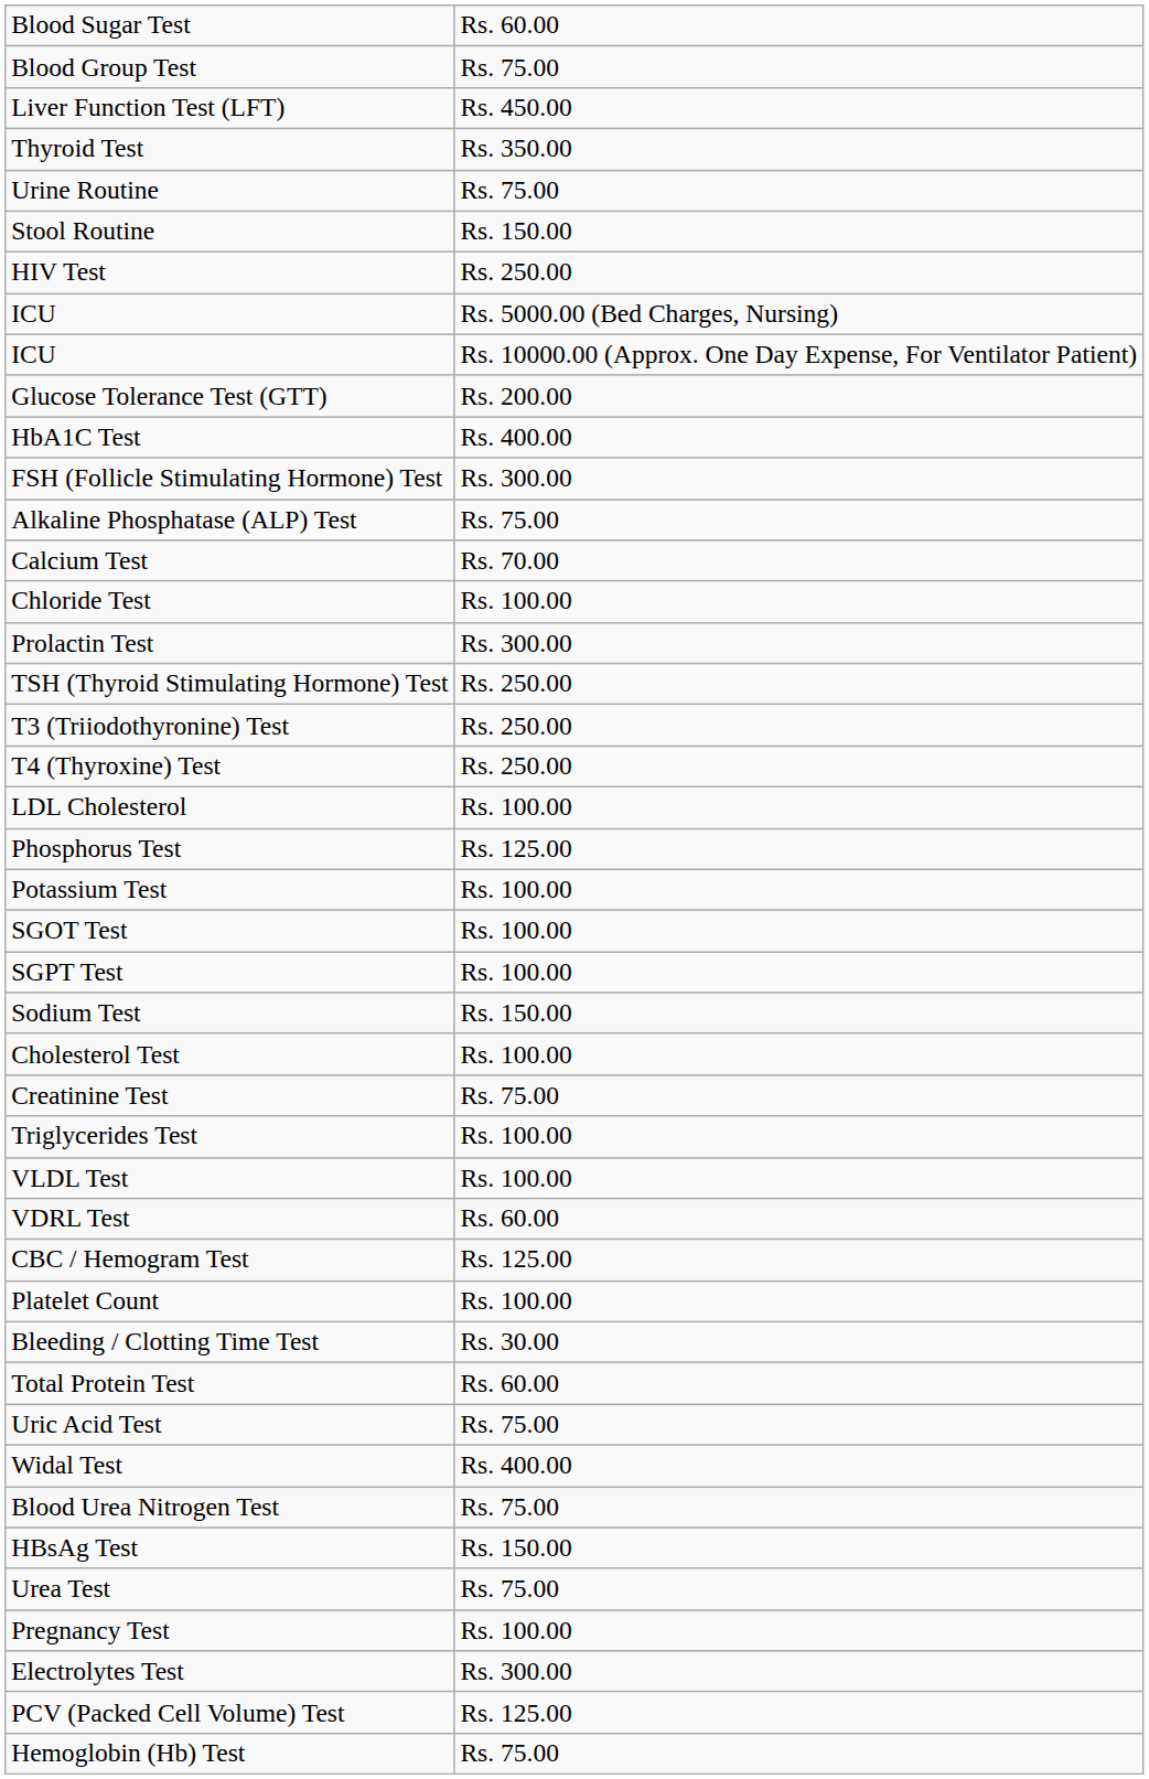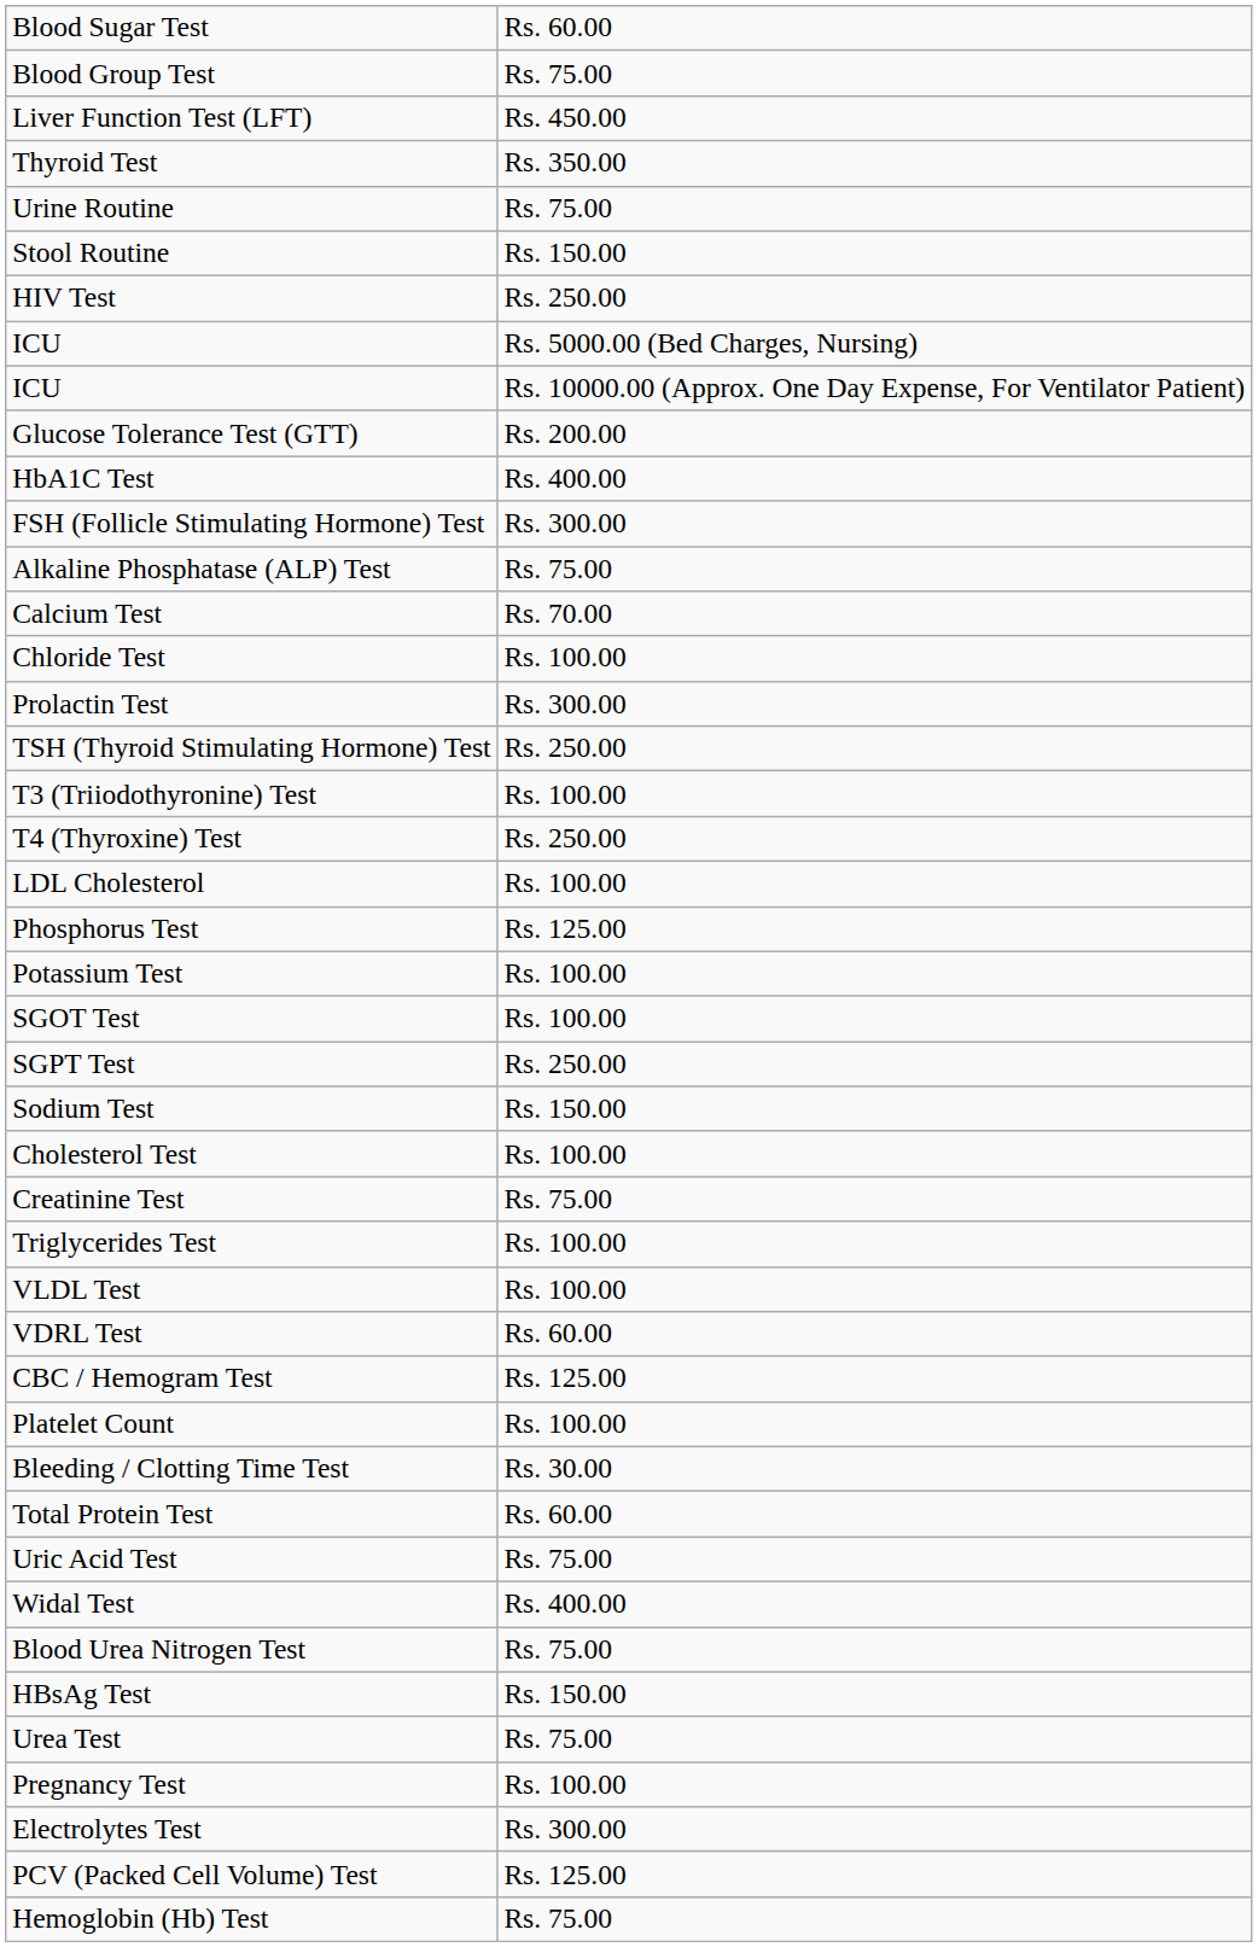 <table class="wikitable">
 <tr>
 <td>Blood Sugar Test</td>
 <td>Rs. 60.00</td>
 </tr>
 <tr>
 <td>Blood Group Test</td>
 <td>Rs. 75.00</td>
 </tr>
 <tr>
 <td>Liver Function Test (LFT)</td>
 <td>Rs. 450.00</td>
 </tr>
 <tr>
 <td>Thyroid Test</td>
 <td>Rs. 350.00</td>
 </tr>
 <tr>
 <td>Urine Routine</td>
 <td>Rs. 75.00</td>
 </tr>
 <tr>
 <td>Stool Routine</td>
 <td>Rs. 150.00</td>
 </tr>
 <tr>
 <td>HIV Test</td>
 <td>Rs. 250.00</td>
 </tr>
 <tr>
 <td>ICU</td>
 <td>Rs. 5000.00 (Bed Charges, Nursing)</td>
 </tr>
 <tr>
 <td>ICU</td>
 <td>Rs. 10000.00 (Approx. One Day Expense, For Ventilator Patient)</td>
 </tr>
 <tr>
 <td>Glucose Tolerance Test (GTT)</td>
 <td>Rs. 200.00</td>
 </tr>
 <tr>
 <td>HbA1C Test</td>
 <td>Rs. 400.00</td>
 </tr>
 <tr>
 <td>FSH (Follicle Stimulating Hormone) Test</td>
 <td>Rs. 300.00</td>
 </tr>
 <tr>
 <td>Alkaline Phosphatase (ALP) Test</td>
 <td>Rs. 75.00</td>
 </tr>
 <tr>
 <td>Calcium Test</td>
 <td>Rs. 70.00</td>
 </tr>
 <tr>
 <td>Chloride Test</td>
 <td>Rs. 100.00</td>
 </tr>
 <tr>
 <td>Prolactin Test</td>
 <td>Rs. 300.00</td>
 </tr>
 <tr>
 <td>TSH (Thyroid Stimulating Hormone) Test</td>
 <td>Rs. 250.00</td>
 </tr>
 <tr>
 <td>T3 (Triiodothyronine) Test</td>
-<td>Rs. 250.00</td>
+<td>Rs. 100.00</td>
 </tr>
 <tr>
 <td>T4 (Thyroxine) Test</td>
 <td>Rs. 250.00</td>
 </tr>
 <tr>
 <td>LDL Cholesterol</td>
 <td>Rs. 100.00</td>
 </tr>
 <tr>
 <td>Phosphorus Test</td>
 <td>Rs. 125.00</td>
 </tr>
 <tr>
 <td>Potassium Test</td>
 <td>Rs. 100.00</td>
 </tr>
 <tr>
 <td>SGOT Test</td>
 <td>Rs. 100.00</td>
 </tr>
 <tr>
 <td>SGPT Test</td>
-<td>Rs. 100.00</td>
+<td>Rs. 250.00</td>
 </tr>
 <tr>
 <td>Sodium Test</td>
 <td>Rs. 150.00</td>
 </tr>
 <tr>
 <td>Cholesterol Test</td>
 <td>Rs. 100.00</td>
 </tr>
 <tr>
 <td>Creatinine Test</td>
 <td>Rs. 75.00</td>
 </tr>
 <tr>
 <td>Triglycerides Test</td>
 <td>Rs. 100.00</td>
 </tr>
 <tr>
 <td>VLDL Test</td>
 <td>Rs. 100.00</td>
 </tr>
 <tr>
 <td>VDRL Test</td>
 <td>Rs. 60.00</td>
 </tr>
 <tr>
 <td>CBC / Hemogram Test</td>
 <td>Rs. 125.00</td>
 </tr>
 <tr>
 <td>Platelet Count</td>
 <td>Rs. 100.00</td>
 </tr>
 <tr>
 <td>Bleeding / Clotting Time Test</td>
 <td>Rs. 30.00</td>
 </tr>
 <tr>
 <td>Total Protein Test</td>
 <td>Rs. 60.00</td>
 </tr>
 <tr>
 <td>Uric Acid Test</td>
 <td>Rs. 75.00</td>
 </tr>
 <tr>
 <td>Widal Test</td>
 <td>Rs. 400.00</td>
 </tr>
 <tr>
 <td>Blood Urea Nitrogen Test</td>
 <td>Rs. 75.00</td>
 </tr>
 <tr>
 <td>HBsAg Test</td>
 <td>Rs. 150.00</td>
 </tr>
 <tr>
 <td>Urea Test</td>
 <td>Rs. 75.00</td>
 </tr>
 <tr>
 <td>Pregnancy Test</td>
 <td>Rs. 100.00</td>
 </tr>
 <tr>
 <td>Electrolytes Test</td>
 <td>Rs. 300.00</td>
 </tr>
 <tr>
 <td>PCV (Packed Cell Volume) Test</td>
 <td>Rs. 125.00</td>
 </tr>
 <tr>
 <td>Hemoglobin (Hb) Test</td>
 <td>Rs. 75.00</td>
 </tr>
 </table>
